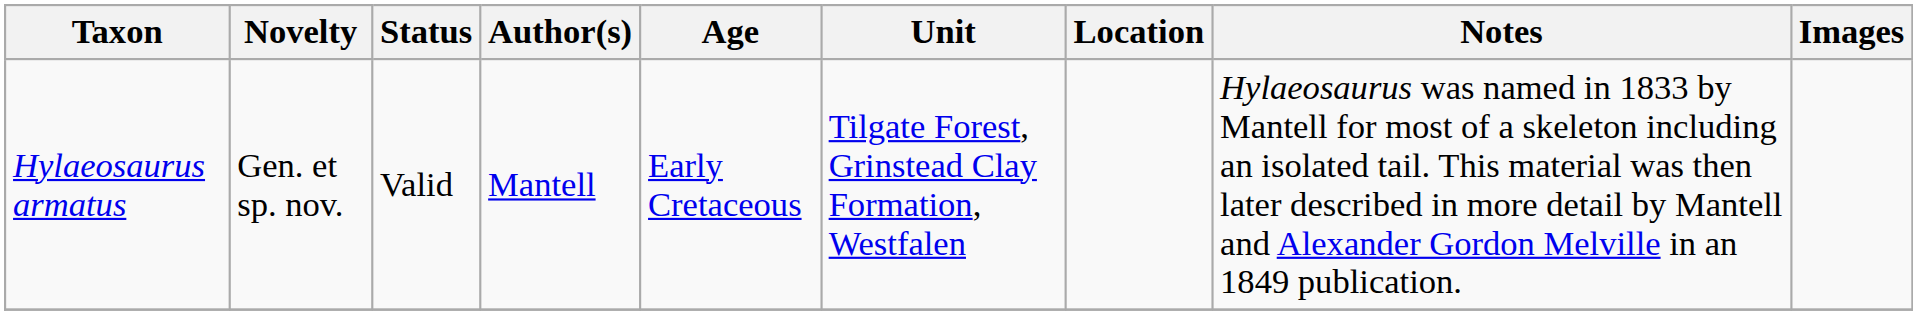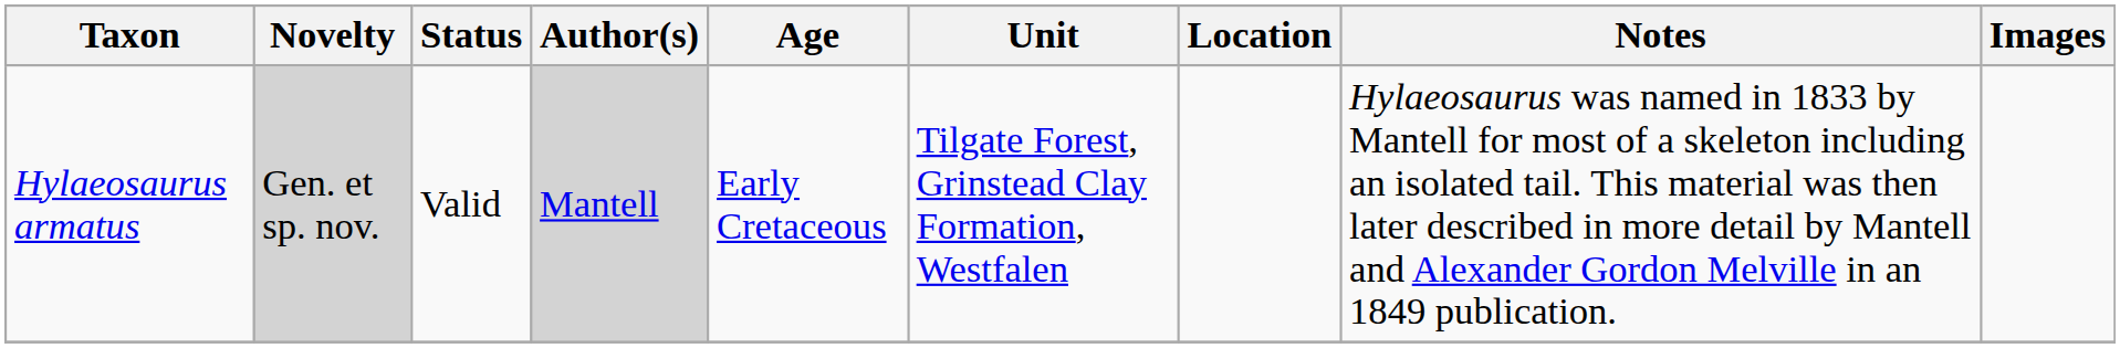 <table class="wikitable sortable" align="center" width="100%">
 <tr>
 <th>Taxon</th>
 <th>Novelty</th>
 <th>Status</th>
 <th>Author(s)</th>
 <th>Age</th>
 <th>Unit</th>
 <th>Location</th>
 <th>Notes</th>
 <th>Images</th>
 </tr>
 <tr>
 <td><em><a href='#'>Hylaeosaurus armatus</a></em></td>
-<td>Gen. et sp. nov.</td>
+<td style="background: lightgrey;">Gen. et sp. nov.</td>
 <td>Valid</td>
-<td><a href='#'>Mantell</a></td>
+<td style="background: lightgrey;"><a href='#'>Mantell</a></td>
 <td><a href='#'>Early Cretaceous</a></td>
 <td><a href='#'>Tilgate Forest</a>, <a href='#'>Grinstead Clay Formation</a>, <a href='#'>Westfalen</a></td>
 <td></td>
 <td><em>Hylaeosaurus</em> was named in 1833 by Mantell for most of a skeleton including an isolated tail. This material was then later described in more detail by Mantell and <a href='#'>Alexander Gordon Melville</a> in an 1849 publication.</td>
 <td></td>
 </tr>
 <tr>
 </tr>
 </table>
